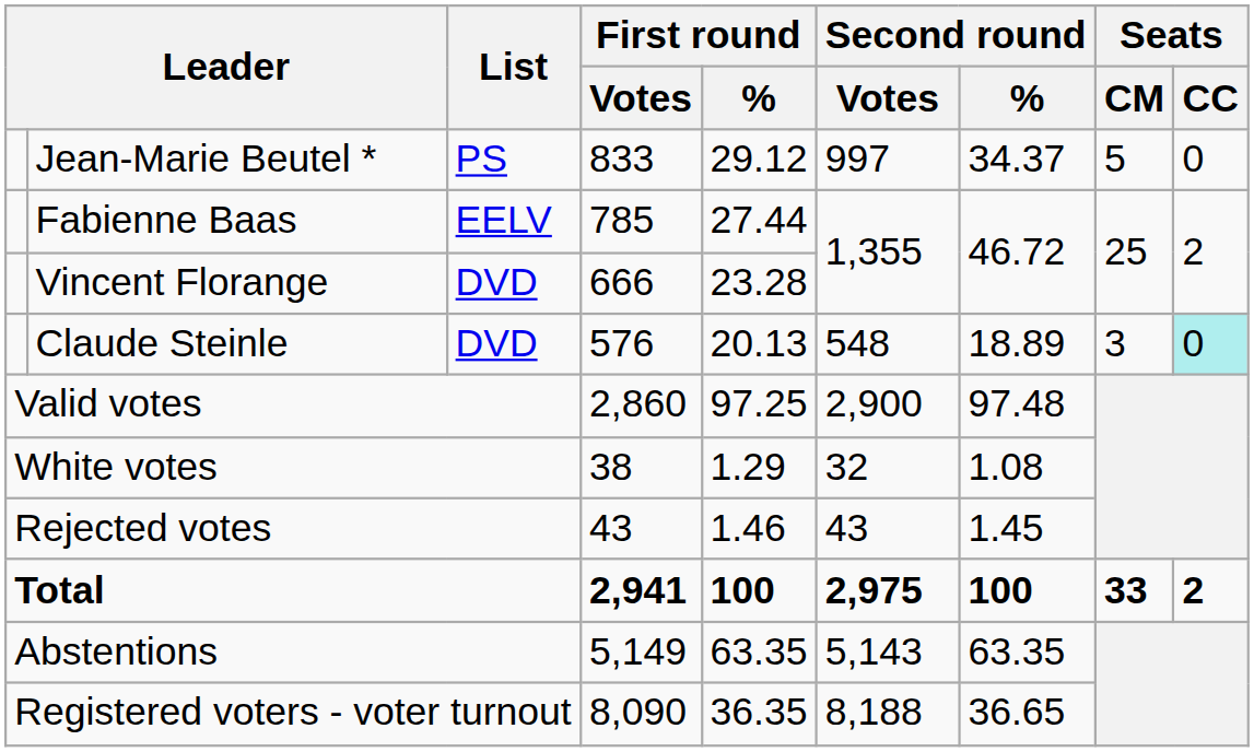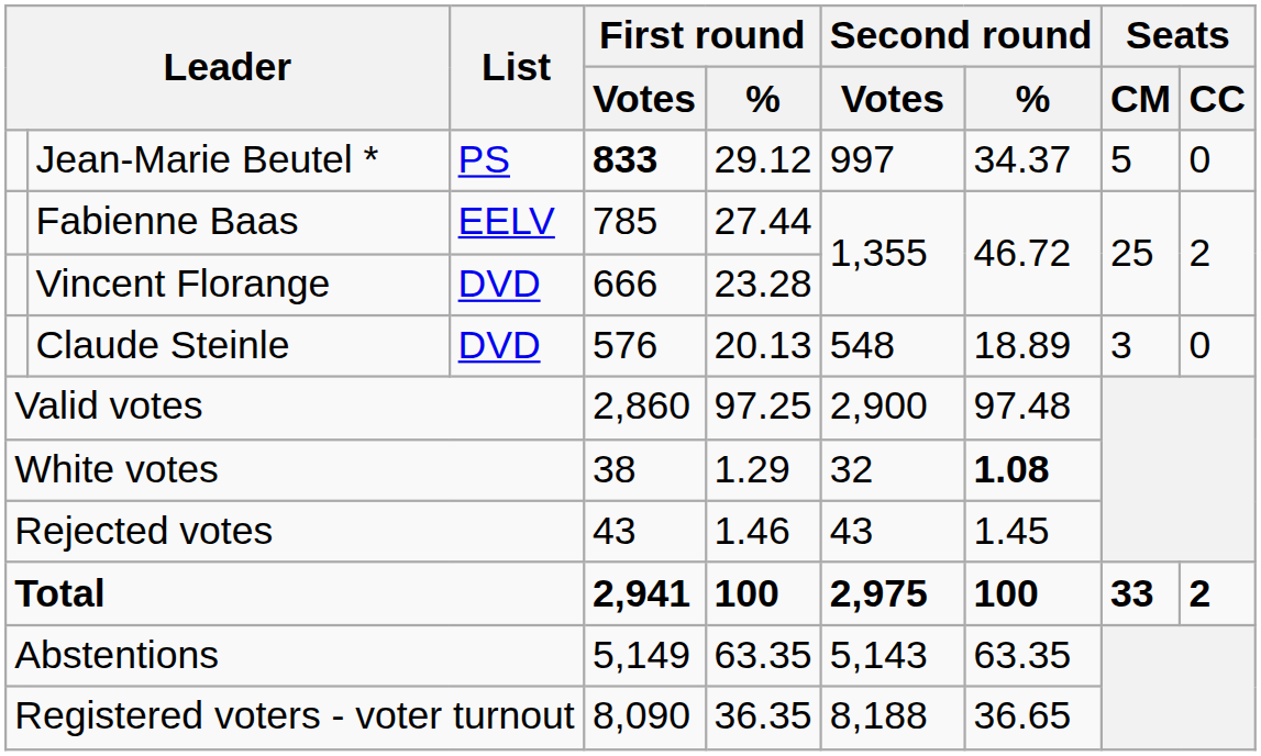 <table class="wikitable">
 <tr>
 <th colspan="2" rowspan="2">Leader</th>
 <th rowspan="2">List</th>
 <th colspan="2">First round</th>
 <th colspan="2">Second round</th>
 <th colspan="2">Seats</th>
 </tr>
 <tr>
 <th>Votes</th>
 <th>%</th>
 <th>Votes</th>
 <th>%</th>
 <th>CM</th>
 <th>CC</th>
 </tr>
 <tr>
 <td bgcolor=></td>
 <td>Jean-Marie Beutel *</td>
 <td><a href='#'>PS</a></td>
-<td>833</td>
+<td><strong>833</strong></td>
 <td>29.12</td>
 <td>997</td>
 <td>34.37</td>
 <td>5</td>
 <td>0</td>
 </tr>
 <tr>
 <td bgcolor=></td>
 <td>Fabienne Baas</td>
 <td><a href='#'>EELV</a></td>
 <td>785</td>
 <td>27.44</td>
 <td rowspan="2">1,355</td>
 <td rowspan="2">46.72</td>
 <td rowspan="2">25</td>
 <td rowspan="2">2</td>
 </tr>
 <tr>
 <td bgcolor=></td>
 <td>Vincent Florange</td>
 <td><a href='#'>DVD</a></td>
 <td>666</td>
 <td>23.28</td>
 </tr>
 <tr>
 <td bgcolor=></td>
 <td>Claude Steinle</td>
 <td><a href='#'>DVD</a></td>
 <td>576</td>
 <td>20.13</td>
 <td>548</td>
 <td>18.89</td>
 <td>3</td>
-<td style="background: paleturquoise;">0</td>
+<td>0</td>
 </tr>
 <tr>
 <td colspan="3">Valid votes</td>
 <td>2,860</td>
 <td>97.25</td>
 <td>2,900</td>
 <td>97.48</td>
 <th colspan="2" rowspan="3"></th>
 </tr>
 <tr>
 <td colspan="3">White votes</td>
 <td>38</td>
 <td>1.29</td>
 <td>32</td>
-<td>1.08</td>
+<td><strong>1.08</strong></td>
 </tr>
 <tr>
 <td colspan="3">Rejected votes</td>
 <td>43</td>
 <td>1.46</td>
 <td>43</td>
 <td>1.45</td>
 </tr>
 <tr>
 <td colspan="3"><strong>Total</strong></td>
 <td><strong>2,941</strong></td>
 <td><strong>100</strong></td>
 <td><strong>2,975</strong></td>
 <td><strong>100</strong></td>
 <td><strong>33</strong></td>
 <td><strong>2</strong></td>
 </tr>
 <tr>
 <td colspan="3">Abstentions</td>
 <td>5,149</td>
 <td>63.35</td>
 <td>5,143</td>
 <td>63.35</td>
 <th colspan="2" rowspan="2"></th>
 </tr>
 <tr>
 <td colspan="3">Registered voters - voter turnout</td>
 <td>8,090</td>
 <td>36.35</td>
 <td>8,188</td>
 <td>36.65</td>
 </tr>
 </table>
